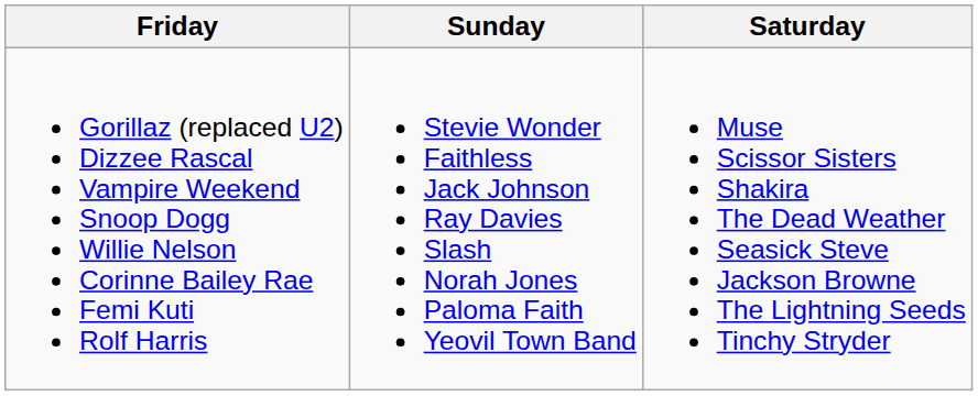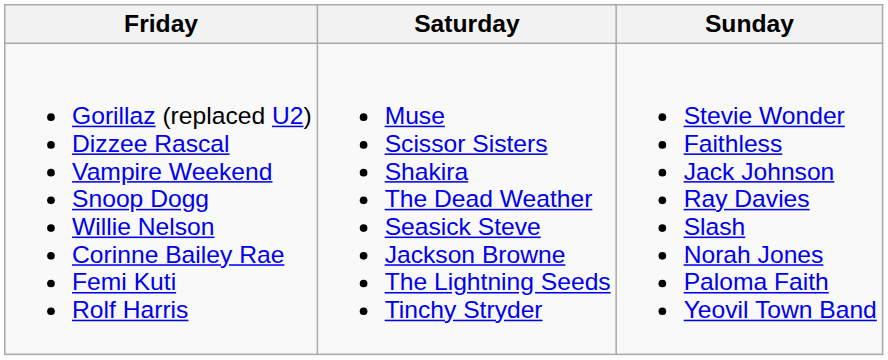 <table class="wikitable">
 <tr>
 <th>Friday</th>
+<th>Saturday</th>
 <th>Sunday</th>
-<th>Saturday</th>
 </tr>
 <tr valign="top">
 <td><br><ul><li><a href='#'>Gorillaz</a> (replaced <a href='#'>U2</a>)</li><li><a href='#'>Dizzee Rascal</a></li><li><a href='#'>Vampire Weekend</a></li><li><a href='#'>Snoop Dogg</a></li><li><a href='#'>Willie Nelson</a></li><li><a href='#'>Corinne Bailey Rae</a></li><li><a href='#'>Femi Kuti</a></li><li><a href='#'>Rolf Harris</a></li></ul></td>
+<td><br><ul><li><a href='#'>Muse</a></li><li><a href='#'>Scissor Sisters</a></li><li><a href='#'>Shakira</a></li><li><a href='#'>The Dead Weather</a></li><li><a href='#'>Seasick Steve</a></li><li><a href='#'>Jackson Browne</a></li><li><a href='#'>The Lightning Seeds</a></li><li><a href='#'>Tinchy Stryder</a></li></ul></td>
 <td><br><ul><li><a href='#'>Stevie Wonder</a></li><li><a href='#'>Faithless</a></li><li><a href='#'>Jack Johnson</a></li><li><a href='#'>Ray Davies</a></li><li><a href='#'>Slash</a></li><li><a href='#'>Norah Jones</a></li><li><a href='#'>Paloma Faith</a></li><li><a href='#'>Yeovil Town Band</a></li></ul></td>
-<td><br><ul><li><a href='#'>Muse</a></li><li><a href='#'>Scissor Sisters</a></li><li><a href='#'>Shakira</a></li><li><a href='#'>The Dead Weather</a></li><li><a href='#'>Seasick Steve</a></li><li><a href='#'>Jackson Browne</a></li><li><a href='#'>The Lightning Seeds</a></li><li><a href='#'>Tinchy Stryder</a></li></ul></td>
 </tr>
 </table>
